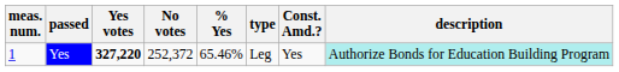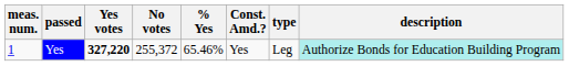 <table class="wikitable sortable">
 <tr>
 <th>meas.<br>num.</th>
 <th>passed</th>
 <th>Yes<br>votes</th>
 <th>No<br>votes</th>
 <th>%<br>Yes</th>
+<th>Const.<br>Amd.?</th>
 <th>type</th>
-<th>Const.<br>Amd.?</th>
 <th>description</th>
 </tr>
 <tr>
 <td><a href='#'>1</a></td>
 <td style="background:blue;color:white">Yes</td>
 <td><strong>327,220</strong></td>
-<td>252,372</td>
+<td>255,372</td>
 <td>65.46%</td>
+<td>Yes</td>
 <td>Leg</td>
-<td>Yes</td>
 <td style="background: paleturquoise;">Authorize Bonds for Education Building Program</td>
 </tr>
 </table>
